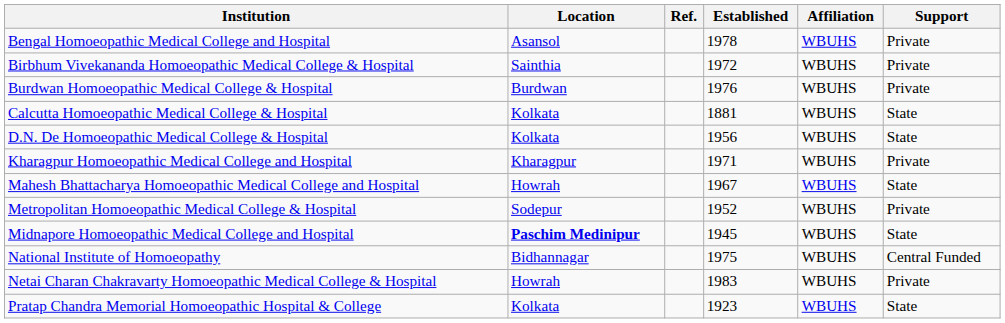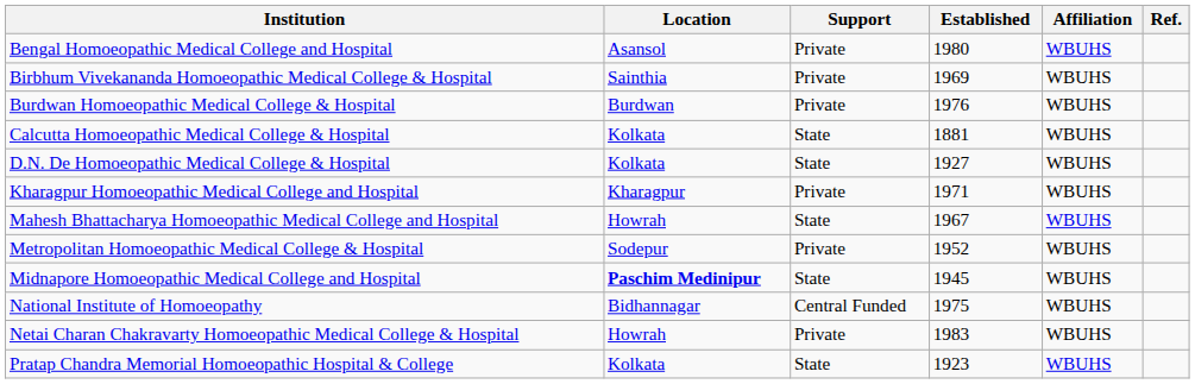 <table class="wikitable sortable static-row-numbers sticky-header collapsible plainrowheaders" style="-align:left; width:83%;">
 <tr>
 <th>Institution</th>
 <th>Location</th>
-<th>Ref.</th>
+<th>Support</th>
 <th>Established</th>
 <th>Affiliation</th>
-<th>Support</th>
+<th>Ref.</th>
 </tr>
 <tr>
 <td><a href='#'>Bengal Homoeopathic Medical College and Hospital</a></td>
 <td><a href='#'>Asansol</a></td>
+<td>Private</td>
+<td>1980</td>
+<td><a href='#'>WBUHS</a></td>
 <td></td>
-<td>1978</td>
-<td><a href='#'>WBUHS</a></td>
-<td>Private</td>
 </tr>
 <tr>
 <td><a href='#'>Birbhum Vivekananda Homoeopathic Medical College & Hospital</a></td>
 <td><a href='#'>Sainthia</a></td>
+<td>Private</td>
+<td>1969</td>
+<td>WBUHS</td>
 <td></td>
-<td>1972</td>
-<td>WBUHS</td>
-<td>Private</td>
 </tr>
 <tr>
 <td><a href='#'>Burdwan Homoeopathic Medical College & Hospital</a></td>
 <td><a href='#'>Burdwan</a></td>
-<td></td>
+<td>Private</td>
 <td>1976</td>
 <td>WBUHS</td>
-<td>Private</td>
+<td></td>
 </tr>
 <tr>
 <td><a href='#'>Calcutta Homoeopathic Medical College & Hospital</a></td>
 <td><a href='#'>Kolkata</a></td>
-<td></td>
+<td>State</td>
 <td>1881</td>
 <td>WBUHS</td>
-<td>State</td>
+<td></td>
 </tr>
 <tr>
 <td><a href='#'>D.N. De Homoeopathic Medical College & Hospital</a></td>
 <td><a href='#'>Kolkata</a></td>
+<td>State</td>
+<td>1927</td>
+<td>WBUHS</td>
 <td></td>
-<td>1956</td>
-<td>WBUHS</td>
-<td>State</td>
 </tr>
 <tr>
 <td><a href='#'>Kharagpur Homoeopathic Medical College and Hospital</a></td>
 <td><a href='#'>Kharagpur</a></td>
-<td></td>
+<td>Private</td>
 <td>1971</td>
 <td>WBUHS</td>
-<td>Private</td>
+<td></td>
 </tr>
 <tr>
 <td><a href='#'>Mahesh Bhattacharya Homoeopathic Medical College and Hospital</a></td>
 <td><a href='#'>Howrah</a></td>
-<td></td>
+<td>State</td>
 <td>1967</td>
 <td><a href='#'>WBUHS</a></td>
-<td>State</td>
+<td></td>
 </tr>
 <tr>
 <td><a href='#'>Metropolitan Homoeopathic Medical College & Hospital</a></td>
 <td><a href='#'>Sodepur</a></td>
-<td></td>
+<td>Private</td>
 <td>1952</td>
 <td>WBUHS</td>
-<td>Private</td>
+<td></td>
 </tr>
 <tr>
 <td><a href='#'>Midnapore Homoeopathic Medical College and Hospital</a></td>
 <td><strong><a href='#'>Paschim Medinipur</a></strong></td>
-<td></td>
+<td>State</td>
 <td>1945</td>
 <td>WBUHS</td>
-<td>State</td>
+<td></td>
 </tr>
 <tr>
 <td><a href='#'>National Institute of Homoeopathy</a></td>
 <td><a href='#'>Bidhannagar</a></td>
-<td></td>
+<td>Central Funded</td>
 <td>1975</td>
 <td>WBUHS</td>
-<td>Central Funded</td>
+<td></td>
 </tr>
 <tr>
 <td><a href='#'>Netai Charan Chakravarty Homoeopathic Medical College & Hospital</a></td>
 <td><a href='#'>Howrah</a></td>
-<td></td>
+<td>Private</td>
 <td>1983</td>
 <td>WBUHS</td>
-<td>Private</td>
+<td></td>
 </tr>
 <tr>
 <td><a href='#'>Pratap Chandra Memorial Homoeopathic Hospital & College</a></td>
 <td><a href='#'>Kolkata</a></td>
-<td></td>
+<td>State</td>
 <td>1923</td>
 <td><a href='#'>WBUHS</a></td>
-<td>State</td>
+<td></td>
 </tr>
 </table>
